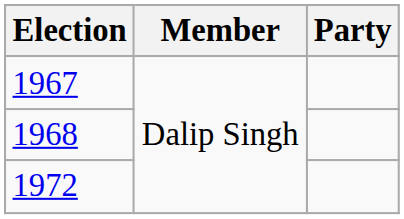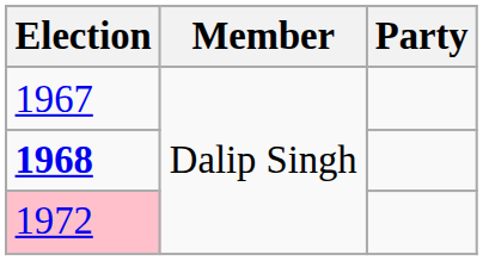 <table class="wikitable sortable">
 <tr>
 <th>Election</th>
 <th>Member</th>
 <th colspan=2>Party</th>
 </tr>
 <tr>
 <td><a href='#'>1967</a></td>
 <td rowspan=3>Dalip Singh</td>
 <td></td>
 </tr>
 <tr>
-<td><a href='#'>1968</a></td>
+<td><strong><a href='#'>1968</a></strong></td>
 <td></td>
 </tr>
 <tr>
-<td><a href='#'>1972</a></td>
+<td style="background: pink;"><a href='#'>1972</a></td>
 </tr>
 </table>
